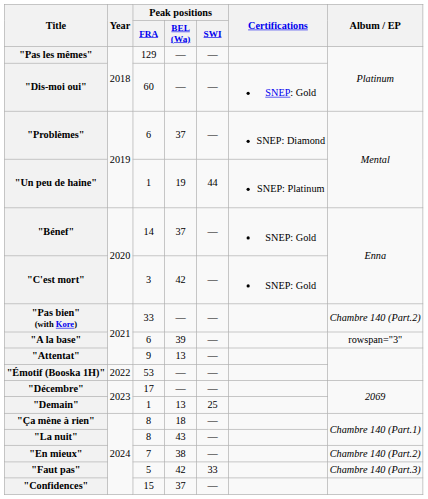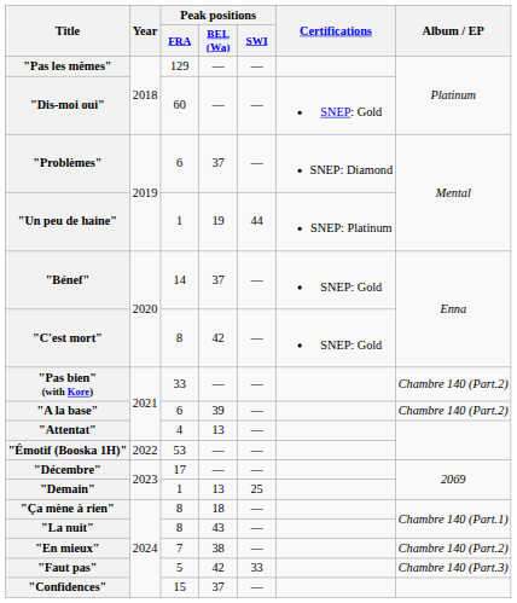 <table class="wikitable plainrowheaders" style="text-align:center">
 <tr>
 <th scope="col" rowspan="2">Title</th>
 <th scope="col" rowspan="2">Year</th>
 <th scope="col" colspan="3">Peak positions</th>
 <th scope="col" rowspan="2"><a href='#'>Certifications</a></th>
 <th scope="col" rowspan="2">Album / EP</th>
 </tr>
 <tr>
 <th scope="col" style="width:3em;font-size:90%;"><a href='#'>FRA</a><br></th>
 <th scope="col" style="width:3em;font-size:90%;"><a href='#'>BEL <br>(Wa)</a><br></th>
 <th scope="col" style="width:3em;font-size:90%;"><a href='#'>SWI</a><br></th>
 </tr>
 <tr>
 <th scope="row">"Pas les mêmes"</th>
 <td rowspan=2>2018</td>
 <td>129</td>
 <td>—</td>
 <td>—</td>
 <td></td>
 <td style="text-align:center;" rowspan=2><em>Platinum</em></td>
 </tr>
 <tr>
 <th scope="row">"Dis-moi oui"</th>
 <td>60</td>
 <td>—</td>
 <td>—</td>
 <td><br><ul><li><a href='#'>SNEP</a>: Gold</li></ul></td>
 </tr>
 <tr>
 <th scope="row">"Problèmes"</th>
 <td rowspan=2>2019</td>
 <td>6</td>
 <td>37</td>
 <td>—</td>
 <td><br><ul><li>SNEP: Diamond</li></ul></td>
 <td style="text-align:center;" rowspan=2><em>Mental</em></td>
 </tr>
 <tr>
 <th scope="row">"Un peu de haine"</th>
 <td>1</td>
 <td>19</td>
 <td>44</td>
 <td><br><ul><li>SNEP: Platinum</li></ul></td>
 </tr>
 <tr>
 <th scope="row">"Bénef"</th>
 <td rowspan=2>2020</td>
 <td>14</td>
 <td>37</td>
 <td>—</td>
 <td><br><ul><li>SNEP: Gold</li></ul></td>
 <td style="text-align:center;" rowspan=2><em>Enna</em></td>
 </tr>
 <tr>
 <th scope="row">"C'est mort"</th>
-<td>3</td>
+<td>8</td>
 <td>42</td>
 <td>—</td>
 <td><br><ul><li>SNEP: Gold</li></ul></td>
 </tr>
 <tr>
 <th scope="row">"Pas bien"<br><small>(with <a href='#'>Kore</a>)</small></th>
 <td rowspan="3">2021</td>
 <td>33</td>
 <td>—</td>
 <td>—</td>
 <td></td>
 <td><em>Chambre 140 (Part.2)</em></td>
 </tr>
 <tr>
 <th scope="row">"A la base"</th>
 <td>6</td>
 <td>39</td>
 <td>—</td>
 <td></td>
-<td>rowspan="3" </td>
+<td><em>Chambre 140 (Part.2)</em></td>
 </tr>
 <tr>
 <th scope="row">"Attentat"<br></th>
-<td>9</td>
+<td>4</td>
 <td>13</td>
 <td>—</td>
 <td></td>
 </tr>
 <tr>
 <th scope="row">"Émotif (Booska 1H)"</th>
 <td>2022</td>
 <td>53</td>
 <td>—</td>
 <td>—</td>
 <td></td>
 </tr>
 <tr>
 <th scope="row">"Décembre"</th>
 <td rowspan="2">2023</td>
 <td>17</td>
 <td>—</td>
 <td>—</td>
 <td></td>
 <td rowspan="2"><em>2069</em></td>
 </tr>
 <tr>
 <th scope="row">"Demain"</th>
 <td>1</td>
 <td>13</td>
 <td>25</td>
 <td></td>
 </tr>
 <tr>
 <th scope="row">"Ça mène à rien"<br></th>
 <td rowspan="5">2024</td>
 <td>8</td>
 <td>18</td>
 <td>—</td>
 <td></td>
 <td rowspan="2"><em>Chambre 140 (Part.1)</em></td>
 </tr>
 <tr>
 <th scope="row">"La nuit"</th>
 <td>8</td>
 <td>43</td>
 <td>—</td>
 <td></td>
 </tr>
 <tr>
 <th scope="row">"En mieux"<br></th>
 <td>7</td>
 <td>38</td>
 <td>—</td>
 <td></td>
 <td><em>Chambre 140 (Part.2)</em></td>
 </tr>
 <tr>
 <th scope="row">"Faut pas"<br></th>
 <td>5</td>
 <td>42</td>
 <td>33</td>
 <td></td>
 <td><em>Chambre 140 (Part.3)</em></td>
 </tr>
 <tr>
 <th scope="row">"Confidences"<br></th>
 <td>15</td>
 <td>37</td>
 <td>—</td>
 <td></td>
 <td></td>
 </tr>
 </table>
